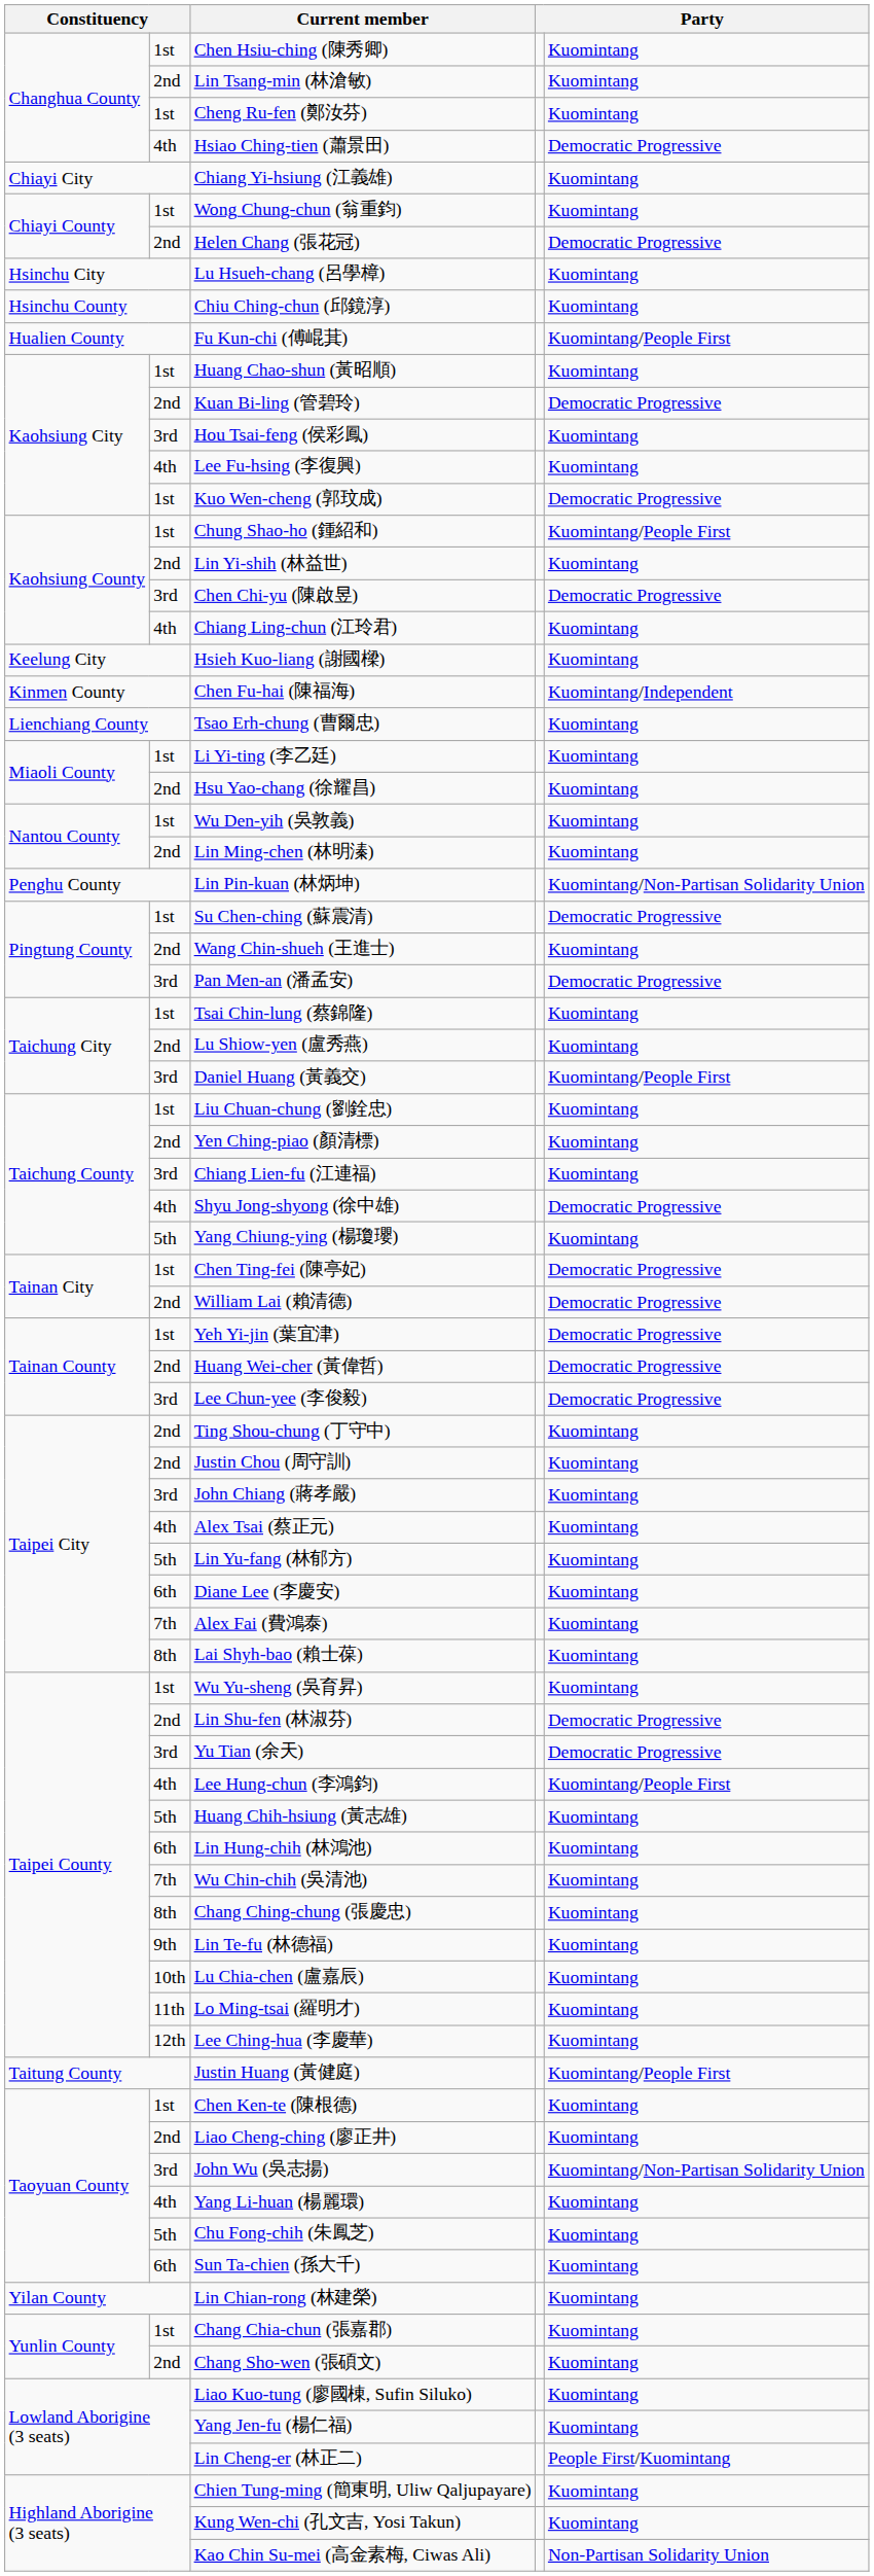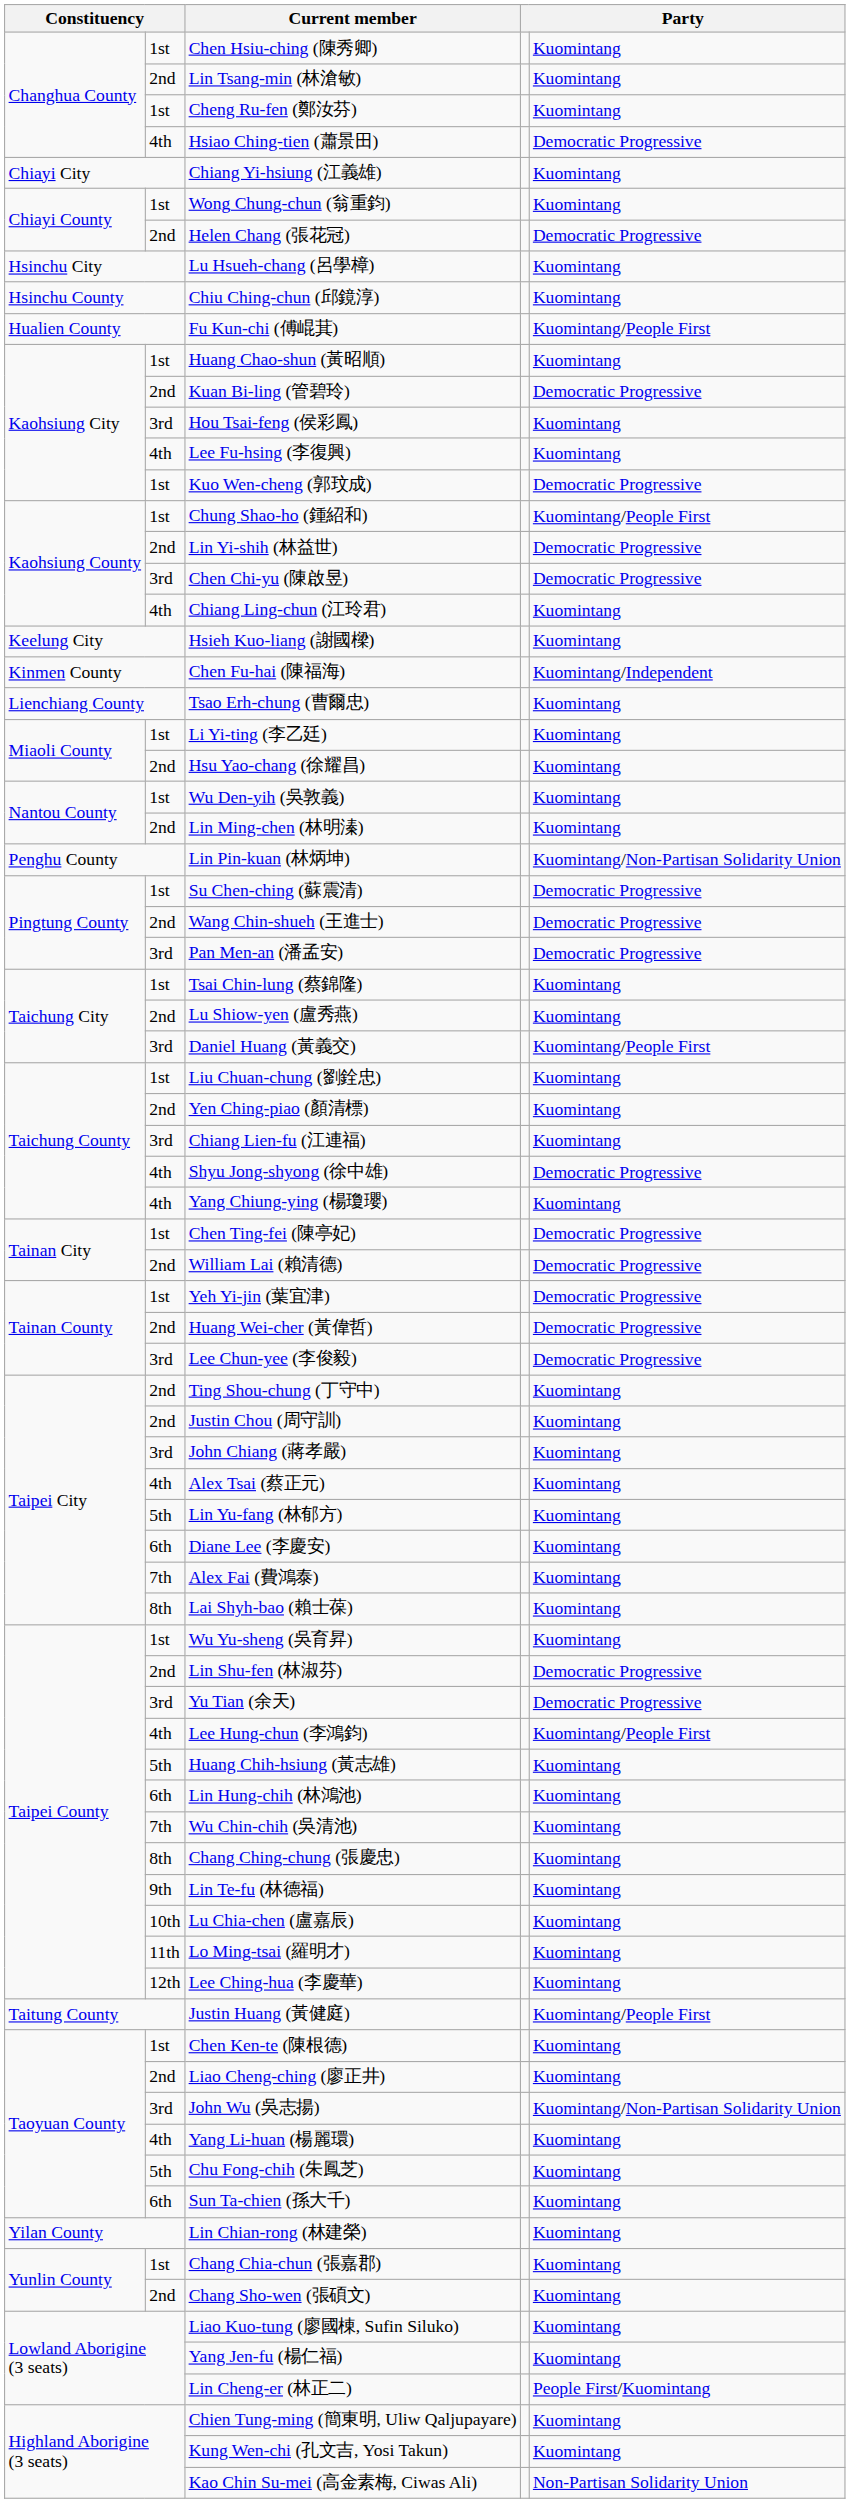 <table class=wikitable>
 <tr>
 <th colspan=2>Constituency</th>
 <th>Current member</th>
 <th colspan=2>Party</th>
 </tr>
 <tr>
 <td rowspan=4><a href='#'>Changhua County</a></td>
 <td>1st</td>
 <td><a href='#'>Chen Hsiu-ching</a> (陳秀卿)</td>
 <td style="background-color: "></td>
 <td><a href='#'>Kuomintang</a></td>
 </tr>
 <tr>
 <td>2nd</td>
 <td><a href='#'>Lin Tsang-min</a> (林滄敏)</td>
 <td style="background-color: "></td>
 <td><a href='#'>Kuomintang</a></td>
 </tr>
 <tr>
 <td>1st</td>
 <td><a href='#'>Cheng Ru-fen</a> (鄭汝芬)</td>
 <td style="background-color: "></td>
 <td><a href='#'>Kuomintang</a></td>
 </tr>
 <tr>
 <td>4th</td>
 <td><a href='#'>Hsiao Ching-tien</a> (蕭景田)</td>
 <td style="background-color: "></td>
 <td><a href='#'>Democratic Progressive</a></td>
 </tr>
 <tr>
 <td colspan=2><a href='#'>Chiayi</a> City</td>
 <td><a href='#'>Chiang Yi-hsiung</a> (江義雄)</td>
 <td style="background-color: "></td>
 <td><a href='#'>Kuomintang</a></td>
 </tr>
 <tr>
 <td rowspan=2><a href='#'>Chiayi County</a></td>
 <td>1st</td>
 <td><a href='#'>Wong Chung-chun</a> (翁重鈞)</td>
 <td style="background-color: "></td>
 <td><a href='#'>Kuomintang</a></td>
 </tr>
 <tr>
 <td>2nd</td>
 <td><a href='#'>Helen Chang</a> (張花冠)</td>
 <td style="background-color: "></td>
 <td><a href='#'>Democratic Progressive</a></td>
 </tr>
 <tr>
 <td colspan=2><a href='#'>Hsinchu</a> City</td>
 <td><a href='#'>Lu Hsueh-chang</a> (呂學樟)</td>
 <td style="background-color: "></td>
 <td><a href='#'>Kuomintang</a></td>
 </tr>
 <tr>
 <td colspan=2><a href='#'>Hsinchu County</a></td>
 <td><a href='#'>Chiu Ching-chun</a> (邱鏡淳)</td>
 <td style="background-color: "></td>
 <td><a href='#'>Kuomintang</a></td>
 </tr>
 <tr>
 <td colspan=2><a href='#'>Hualien County</a></td>
 <td><a href='#'>Fu Kun-chi</a> (傅崐萁)</td>
 <td style="background-color: "></td>
 <td><a href='#'>Kuomintang</a>/<a href='#'>People First</a></td>
 </tr>
 <tr>
 <td rowspan=5><a href='#'>Kaohsiung</a> City</td>
 <td>1st</td>
 <td><a href='#'>Huang Chao-shun</a> (黃昭順)</td>
 <td style="background-color: "></td>
 <td><a href='#'>Kuomintang</a></td>
 </tr>
 <tr>
 <td>2nd</td>
 <td><a href='#'>Kuan Bi-ling</a> (管碧玲)</td>
 <td style="background-color: "></td>
 <td><a href='#'>Democratic Progressive</a></td>
 </tr>
 <tr>
 <td>3rd</td>
 <td><a href='#'>Hou Tsai-feng</a> (侯彩鳳)</td>
 <td style="background-color: "></td>
 <td><a href='#'>Kuomintang</a></td>
 </tr>
 <tr>
 <td>4th</td>
 <td><a href='#'>Lee Fu-hsing</a> (李復興)</td>
 <td style="background-color: "></td>
 <td><a href='#'>Kuomintang</a></td>
 </tr>
 <tr>
 <td>1st</td>
 <td><a href='#'>Kuo Wen-cheng</a> (郭玟成)</td>
 <td style="background-color: "></td>
 <td><a href='#'>Democratic Progressive</a></td>
 </tr>
 <tr>
 <td rowspan=4><a href='#'>Kaohsiung County</a></td>
 <td>1st</td>
 <td><a href='#'>Chung Shao-ho</a> (鍾紹和)</td>
 <td style="background-color: "></td>
 <td><a href='#'>Kuomintang</a>/<a href='#'>People First</a></td>
 </tr>
 <tr>
 <td>2nd</td>
 <td><a href='#'>Lin Yi-shih</a> (林益世)</td>
 <td style="background-color: "></td>
-<td><a href='#'>Kuomintang</a></td>
+<td><a href='#'>Democratic Progressive</a></td>
 </tr>
 <tr>
 <td>3rd</td>
 <td><a href='#'>Chen Chi-yu</a> (陳啟昱)</td>
 <td style="background-color: "></td>
 <td><a href='#'>Democratic Progressive</a></td>
 </tr>
 <tr>
 <td>4th</td>
 <td><a href='#'>Chiang Ling-chun</a> (江玲君)</td>
 <td style="background-color: "></td>
 <td><a href='#'>Kuomintang</a></td>
 </tr>
 <tr>
 <td colspan=2><a href='#'>Keelung</a> City</td>
 <td><a href='#'>Hsieh Kuo-liang</a> (謝國樑)</td>
 <td style="background-color: "></td>
 <td><a href='#'>Kuomintang</a></td>
 </tr>
 <tr>
 <td colspan=2><a href='#'>Kinmen</a> County</td>
 <td><a href='#'>Chen Fu-hai</a> (陳福海)</td>
 <td style="background-color: "></td>
 <td><a href='#'>Kuomintang</a>/<a href='#'>Independent</a></td>
 </tr>
 <tr>
 <td colspan=2><a href='#'>Lienchiang County</a></td>
 <td><a href='#'>Tsao Erh-chung</a> (曹爾忠)</td>
 <td style="background-color: "></td>
 <td><a href='#'>Kuomintang</a></td>
 </tr>
 <tr>
 <td rowspan=2><a href='#'>Miaoli County</a></td>
 <td>1st</td>
 <td><a href='#'>Li Yi-ting</a> (李乙廷)</td>
 <td style="background-color: "></td>
 <td><a href='#'>Kuomintang</a></td>
 </tr>
 <tr>
 <td>2nd</td>
 <td><a href='#'>Hsu Yao-chang</a> (徐耀昌)</td>
 <td style="background-color: "></td>
 <td><a href='#'>Kuomintang</a></td>
 </tr>
 <tr>
 <td rowspan=2><a href='#'>Nantou County</a></td>
 <td>1st</td>
 <td><a href='#'>Wu Den-yih</a> (吳敦義)</td>
 <td style="background-color: "></td>
 <td><a href='#'>Kuomintang</a></td>
 </tr>
 <tr>
 <td>2nd</td>
 <td><a href='#'>Lin Ming-chen</a> (林明溱)</td>
 <td style="background-color: "></td>
 <td><a href='#'>Kuomintang</a></td>
 </tr>
 <tr>
 <td colspan=2><a href='#'>Penghu</a> County</td>
 <td><a href='#'>Lin Pin-kuan</a> (林炳坤)</td>
 <td style="background-color: "></td>
 <td><a href='#'>Kuomintang</a>/<a href='#'>Non-Partisan Solidarity Union</a></td>
 </tr>
 <tr>
 <td rowspan=3><a href='#'>Pingtung County</a></td>
 <td>1st</td>
 <td><a href='#'>Su Chen-ching</a> (蘇震清)</td>
 <td style="background-color: "></td>
 <td><a href='#'>Democratic Progressive</a></td>
 </tr>
 <tr>
 <td>2nd</td>
 <td><a href='#'>Wang Chin-shueh</a> (王進士)</td>
 <td style="background-color: "></td>
-<td><a href='#'>Kuomintang</a></td>
+<td><a href='#'>Democratic Progressive</a></td>
 </tr>
 <tr>
 <td>3rd</td>
 <td><a href='#'>Pan Men-an</a> (潘孟安)</td>
 <td style="background-color: "></td>
 <td><a href='#'>Democratic Progressive</a></td>
 </tr>
 <tr>
 <td rowspan=3><a href='#'>Taichung</a> City</td>
 <td>1st</td>
 <td><a href='#'>Tsai Chin-lung</a> (蔡錦隆)</td>
 <td style="background-color: "></td>
 <td><a href='#'>Kuomintang</a></td>
 </tr>
 <tr>
 <td>2nd</td>
 <td><a href='#'>Lu Shiow-yen</a> (盧秀燕)</td>
 <td style="background-color: "></td>
 <td><a href='#'>Kuomintang</a></td>
 </tr>
 <tr>
 <td>3rd</td>
 <td><a href='#'>Daniel Huang</a> (黃義交)</td>
 <td style="background-color: "></td>
 <td><a href='#'>Kuomintang</a>/<a href='#'>People First</a></td>
 </tr>
 <tr>
 <td rowspan=5><a href='#'>Taichung County</a></td>
 <td>1st</td>
 <td><a href='#'>Liu Chuan-chung</a> (劉銓忠)</td>
 <td style="background-color: "></td>
 <td><a href='#'>Kuomintang</a></td>
 </tr>
 <tr>
 <td>2nd</td>
 <td><a href='#'>Yen Ching-piao</a> (顏清標)</td>
 <td style="background-color: "></td>
 <td><a href='#'>Kuomintang</a></td>
 </tr>
 <tr>
 <td>3rd</td>
 <td><a href='#'>Chiang Lien-fu</a> (江連福)</td>
 <td style="background-color: "></td>
 <td><a href='#'>Kuomintang</a></td>
 </tr>
 <tr>
 <td>4th</td>
 <td><a href='#'>Shyu Jong-shyong</a> (徐中雄)</td>
 <td style="background-color: "></td>
 <td><a href='#'>Democratic Progressive</a></td>
 </tr>
 <tr>
-<td>5th</td>
+<td>4th</td>
 <td><a href='#'>Yang Chiung-ying</a> (楊瓊瓔)</td>
 <td style="background-color: "></td>
 <td><a href='#'>Kuomintang</a></td>
 </tr>
 <tr>
 <td rowspan=2><a href='#'>Tainan</a> City</td>
 <td>1st</td>
 <td><a href='#'>Chen Ting-fei</a> (陳亭妃)</td>
 <td style="background-color: "></td>
 <td><a href='#'>Democratic Progressive</a></td>
 </tr>
 <tr>
 <td>2nd</td>
 <td><a href='#'>William Lai</a> (賴清德)</td>
 <td style="background-color: "></td>
 <td><a href='#'>Democratic Progressive</a></td>
 </tr>
 <tr>
 <td rowspan=3><a href='#'>Tainan County</a></td>
 <td>1st</td>
 <td><a href='#'>Yeh Yi-jin</a> (葉宜津)</td>
 <td style="background-color: "></td>
 <td><a href='#'>Democratic Progressive</a></td>
 </tr>
 <tr>
 <td>2nd</td>
 <td><a href='#'>Huang Wei-cher</a> (黃偉哲)</td>
 <td style="background-color: "></td>
 <td><a href='#'>Democratic Progressive</a></td>
 </tr>
 <tr>
 <td>3rd</td>
 <td><a href='#'>Lee Chun-yee</a> (李俊毅)</td>
 <td style="background-color: "></td>
 <td><a href='#'>Democratic Progressive</a></td>
 </tr>
 <tr>
 <td rowspan=8><a href='#'>Taipei</a> City</td>
 <td>2nd</td>
 <td><a href='#'>Ting Shou-chung</a> (丁守中)</td>
 <td style="background-color: "></td>
 <td><a href='#'>Kuomintang</a></td>
 </tr>
 <tr>
 <td>2nd</td>
 <td><a href='#'>Justin Chou</a> (周守訓)</td>
 <td style="background-color: "></td>
 <td><a href='#'>Kuomintang</a></td>
 </tr>
 <tr>
 <td>3rd</td>
 <td><a href='#'>John Chiang</a> (蔣孝嚴)</td>
 <td style="background-color: "></td>
 <td><a href='#'>Kuomintang</a></td>
 </tr>
 <tr>
 <td>4th</td>
 <td><a href='#'>Alex Tsai</a> (蔡正元)</td>
 <td style="background-color: "></td>
 <td><a href='#'>Kuomintang</a></td>
 </tr>
 <tr>
 <td>5th</td>
 <td><a href='#'>Lin Yu-fang</a> (林郁方)</td>
 <td style="background-color: "></td>
 <td><a href='#'>Kuomintang</a></td>
 </tr>
 <tr>
 <td>6th</td>
 <td><a href='#'>Diane Lee</a> (李慶安)</td>
 <td style="background-color: "></td>
 <td><a href='#'>Kuomintang</a></td>
 </tr>
 <tr>
 <td>7th</td>
 <td><a href='#'>Alex Fai</a> (費鴻泰)</td>
 <td style="background-color: "></td>
 <td><a href='#'>Kuomintang</a></td>
 </tr>
 <tr>
 <td>8th</td>
 <td><a href='#'>Lai Shyh-bao</a> (賴士葆)</td>
 <td style="background-color: "></td>
 <td><a href='#'>Kuomintang</a></td>
 </tr>
 <tr>
 <td rowspan=12><a href='#'>Taipei County</a></td>
 <td>1st</td>
 <td><a href='#'>Wu Yu-sheng</a> (吳育昇)</td>
 <td style="background-color: "></td>
 <td><a href='#'>Kuomintang</a></td>
 </tr>
 <tr>
 <td>2nd</td>
 <td><a href='#'>Lin Shu-fen</a> (林淑芬)</td>
 <td style="background-color: "></td>
 <td><a href='#'>Democratic Progressive</a></td>
 </tr>
 <tr>
 <td>3rd</td>
 <td><a href='#'>Yu Tian</a> (余天)</td>
 <td style="background-color: "></td>
 <td><a href='#'>Democratic Progressive</a></td>
 </tr>
 <tr>
 <td>4th</td>
 <td><a href='#'>Lee Hung-chun</a> (李鴻鈞)</td>
 <td style="background-color: "></td>
 <td><a href='#'>Kuomintang</a>/<a href='#'>People First</a></td>
 </tr>
 <tr>
 <td>5th</td>
 <td><a href='#'>Huang Chih-hsiung</a> (黃志雄)</td>
 <td style="background-color: "></td>
 <td><a href='#'>Kuomintang</a></td>
 </tr>
 <tr>
 <td>6th</td>
 <td><a href='#'>Lin Hung-chih</a> (林鴻池)</td>
 <td style="background-color: "></td>
 <td><a href='#'>Kuomintang</a></td>
 </tr>
 <tr>
 <td>7th</td>
 <td><a href='#'>Wu Chin-chih</a> (吳清池)</td>
 <td style="background-color: "></td>
 <td><a href='#'>Kuomintang</a></td>
 </tr>
 <tr>
 <td>8th</td>
 <td><a href='#'>Chang Ching-chung</a> (張慶忠)</td>
 <td style="background-color: "></td>
 <td><a href='#'>Kuomintang</a></td>
 </tr>
 <tr>
 <td>9th</td>
 <td><a href='#'>Lin Te-fu</a> (林德福)</td>
 <td style="background-color: "></td>
 <td><a href='#'>Kuomintang</a></td>
 </tr>
 <tr>
 <td>10th</td>
 <td><a href='#'>Lu Chia-chen</a> (盧嘉辰)</td>
 <td style="background-color: "></td>
 <td><a href='#'>Kuomintang</a></td>
 </tr>
 <tr>
 <td>11th</td>
 <td><a href='#'>Lo Ming-tsai</a> (羅明才)</td>
 <td style="background-color: "></td>
 <td><a href='#'>Kuomintang</a></td>
 </tr>
 <tr>
 <td>12th</td>
 <td><a href='#'>Lee Ching-hua</a> (李慶華)</td>
 <td style="background-color: "></td>
 <td><a href='#'>Kuomintang</a></td>
 </tr>
 <tr>
 <td colspan=2><a href='#'>Taitung County</a></td>
 <td><a href='#'>Justin Huang</a> (黃健庭)</td>
 <td style="background-color: "></td>
 <td><a href='#'>Kuomintang</a>/<a href='#'>People First</a></td>
 </tr>
 <tr>
 <td rowspan=6><a href='#'>Taoyuan County</a></td>
 <td>1st</td>
 <td><a href='#'>Chen Ken-te</a> (陳根德)</td>
 <td style="background-color: "></td>
 <td><a href='#'>Kuomintang</a></td>
 </tr>
 <tr>
 <td>2nd</td>
 <td><a href='#'>Liao Cheng-ching</a> (廖正井)</td>
 <td style="background-color: "></td>
 <td><a href='#'>Kuomintang</a></td>
 </tr>
 <tr>
 <td>3rd</td>
 <td><a href='#'>John Wu</a> (吳志揚)</td>
 <td style="background-color: "></td>
 <td><a href='#'>Kuomintang</a>/<a href='#'>Non-Partisan Solidarity Union</a></td>
 </tr>
 <tr>
 <td>4th</td>
 <td><a href='#'>Yang Li-huan</a> (楊麗環)</td>
 <td style="background-color: "></td>
 <td><a href='#'>Kuomintang</a></td>
 </tr>
 <tr>
 <td>5th</td>
 <td><a href='#'>Chu Fong-chih</a> (朱鳳芝)</td>
 <td style="background-color: "></td>
 <td><a href='#'>Kuomintang</a></td>
 </tr>
 <tr>
 <td>6th</td>
 <td><a href='#'>Sun Ta-chien</a> (孫大千)</td>
 <td style="background-color: "></td>
 <td><a href='#'>Kuomintang</a></td>
 </tr>
 <tr>
 <td colspan=2><a href='#'>Yilan County</a></td>
 <td><a href='#'>Lin Chian-rong</a> (林建榮)</td>
 <td style="background-color: "></td>
 <td><a href='#'>Kuomintang</a></td>
 </tr>
 <tr>
 <td rowspan=2><a href='#'>Yunlin County</a></td>
 <td>1st</td>
 <td><a href='#'>Chang Chia-chun</a> (張嘉郡)</td>
 <td style="background-color: "></td>
 <td><a href='#'>Kuomintang</a></td>
 </tr>
 <tr>
 <td>2nd</td>
 <td><a href='#'>Chang Sho-wen</a> (張碩文)</td>
 <td style="background-color: "></td>
 <td><a href='#'>Kuomintang</a></td>
 </tr>
 <tr>
 <td colspan=2 rowspan=3><a href='#'>Lowland Aborigine</a><br>(3 seats)</td>
 <td><a href='#'>Liao Kuo-tung</a> (廖國棟, Sufin Siluko)</td>
 <td style="background-color: "></td>
 <td><a href='#'>Kuomintang</a></td>
 </tr>
 <tr>
 <td><a href='#'>Yang Jen-fu</a> (楊仁福)</td>
 <td style="background-color: "></td>
 <td><a href='#'>Kuomintang</a></td>
 </tr>
 <tr>
 <td><a href='#'>Lin Cheng-er</a> (林正二)</td>
 <td style="background-color: "></td>
 <td><a href='#'>People First</a>/<a href='#'>Kuomintang</a></td>
 </tr>
 <tr>
 <td colspan=2 rowspan=3><a href='#'>Highland Aborigine</a><br>(3 seats)</td>
 <td><a href='#'>Chien Tung-ming</a> (簡東明, Uliw Qaljupayare)</td>
 <td style="background-color: "></td>
 <td><a href='#'>Kuomintang</a></td>
 </tr>
 <tr>
 <td><a href='#'>Kung Wen-chi</a> (孔文吉, Yosi Takun)</td>
 <td style="background-color: "></td>
 <td><a href='#'>Kuomintang</a></td>
 </tr>
 <tr>
 <td><a href='#'>Kao Chin Su-mei</a> (高金素梅, Ciwas Ali)</td>
 <td style="background-color: "></td>
 <td><a href='#'>Non-Partisan Solidarity Union</a></td>
 </tr>
 </table>
